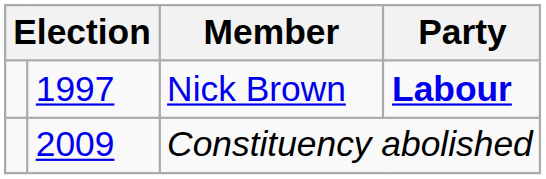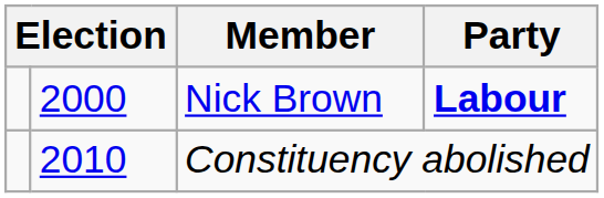 <table class="wikitable">
 <tr>
 <th colspan="2">Election</th>
 <th>Member</th>
 <th>Party</th>
 </tr>
 <tr>
 <td style="color:inherit;background-color: "></td>
-<td><a href='#'>1997</a></td>
+<td><a href='#'>2000</a></td>
 <td><a href='#'>Nick Brown</a></td>
 <td><strong><a href='#'>Labour</a></strong></td>
 </tr>
 <tr>
 <td></td>
-<td><a href='#'>2009</a></td>
+<td><a href='#'>2010</a></td>
 <td colspan="2"><em>Constituency abolished</em></td>
 </tr>
 </table>
